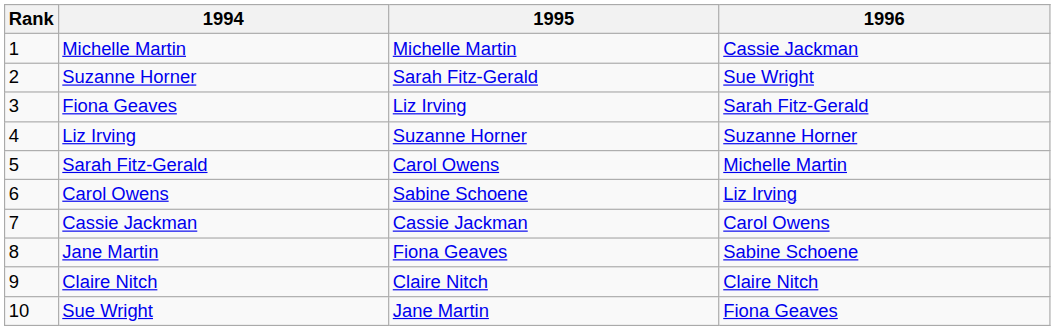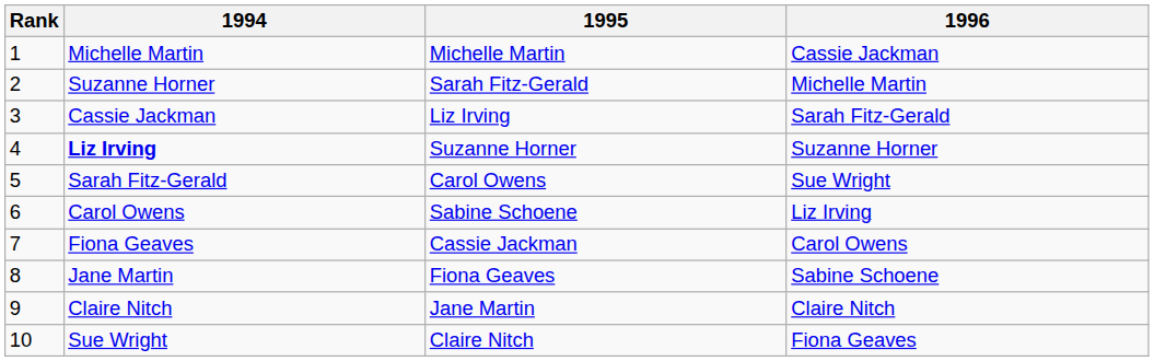 <table class=wikitable>
 <tr>
 <th>Rank</th>
 <th colspan=1 width="280">1994</th>
 <th colspan=1 width="280">1995</th>
 <th colspan=1 width="280">1996</th>
 </tr>
 <tr>
 <td>1</td>
 <td> <a href='#'>Michelle Martin</a></td>
 <td> <a href='#'>Michelle Martin</a></td>
 <td> <a href='#'>Cassie Jackman</a></td>
 </tr>
 <tr>
 <td>2</td>
 <td> <a href='#'>Suzanne Horner</a></td>
 <td> <a href='#'>Sarah Fitz-Gerald</a></td>
-<td> <a href='#'>Sue Wright</a></td>
+<td> <a href='#'>Michelle Martin</a></td>
 </tr>
 <tr>
 <td>3</td>
-<td> <a href='#'>Fiona Geaves</a></td>
+<td> <a href='#'>Cassie Jackman</a></td>
 <td> <a href='#'>Liz Irving</a></td>
 <td> <a href='#'>Sarah Fitz-Gerald</a></td>
 </tr>
 <tr>
 <td>4</td>
-<td> <a href='#'>Liz Irving</a></td>
+<td><strong> <a href='#'>Liz Irving</a></strong></td>
 <td> <a href='#'>Suzanne Horner</a></td>
 <td> <a href='#'>Suzanne Horner</a></td>
 </tr>
 <tr>
 <td>5</td>
 <td> <a href='#'>Sarah Fitz-Gerald</a></td>
 <td> <a href='#'>Carol Owens</a></td>
-<td> <a href='#'>Michelle Martin</a></td>
+<td> <a href='#'>Sue Wright</a></td>
 </tr>
 <tr>
 <td>6</td>
 <td> <a href='#'>Carol Owens</a></td>
 <td> <a href='#'>Sabine Schoene</a></td>
 <td> <a href='#'>Liz Irving</a></td>
 </tr>
 <tr>
 <td>7</td>
-<td> <a href='#'>Cassie Jackman</a></td>
+<td> <a href='#'>Fiona Geaves</a></td>
 <td> <a href='#'>Cassie Jackman</a></td>
 <td> <a href='#'>Carol Owens</a></td>
 </tr>
 <tr>
 <td>8</td>
 <td> <a href='#'>Jane Martin</a></td>
 <td> <a href='#'>Fiona Geaves</a></td>
 <td> <a href='#'>Sabine Schoene</a></td>
 </tr>
 <tr>
 <td>9</td>
 <td> <a href='#'>Claire Nitch</a></td>
-<td> <a href='#'>Claire Nitch</a></td>
+<td> <a href='#'>Jane Martin</a></td>
 <td> <a href='#'>Claire Nitch</a></td>
 </tr>
 <tr>
 <td>10</td>
 <td> <a href='#'>Sue Wright</a></td>
-<td> <a href='#'>Jane Martin</a></td>
+<td> <a href='#'>Claire Nitch</a></td>
 <td> <a href='#'>Fiona Geaves</a></td>
 </tr>
 </table>
